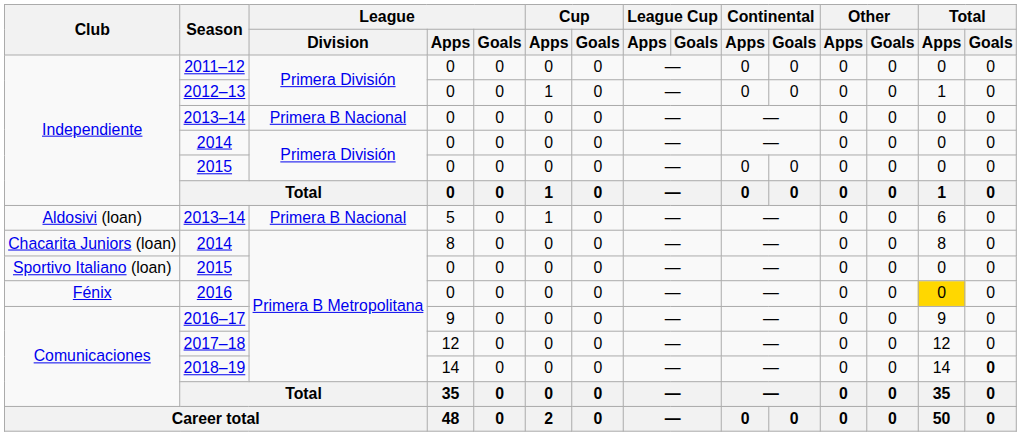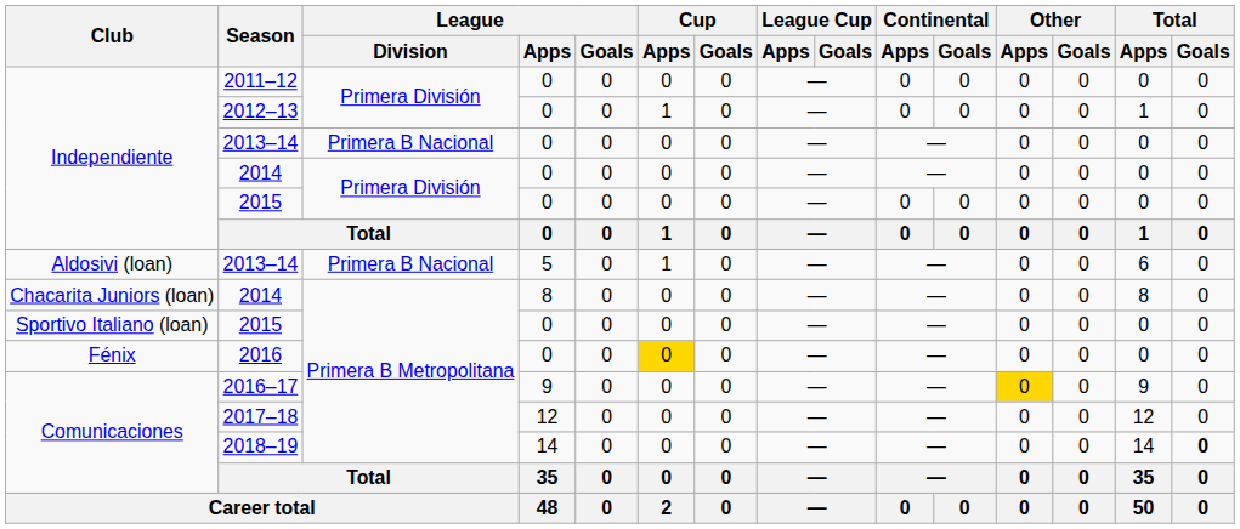 <table class="wikitable" style="text-align:center">
 <tr>
 <th rowspan="2">Club</th>
 <th rowspan="2">Season</th>
 <th colspan="3">League</th>
 <th colspan="2">Cup</th>
 <th colspan="2">League Cup</th>
 <th colspan="2">Continental</th>
 <th colspan="2">Other</th>
 <th colspan="2">Total</th>
 </tr>
 <tr>
 <th>Division</th>
 <th>Apps</th>
 <th>Goals</th>
 <th>Apps</th>
 <th>Goals</th>
 <th>Apps</th>
 <th>Goals</th>
 <th>Apps</th>
 <th>Goals</th>
 <th>Apps</th>
 <th>Goals</th>
 <th>Apps</th>
 <th>Goals</th>
 </tr>
 <tr>
 <td rowspan="6"><a href='#'>Independiente</a></td>
 <td><a href='#'>2011–12</a></td>
 <td rowspan="2"><a href='#'>Primera División</a></td>
 <td>0</td>
 <td>0</td>
 <td>0</td>
 <td>0</td>
 <td colspan="2">—</td>
 <td>0</td>
 <td>0</td>
 <td>0</td>
 <td>0</td>
 <td>0</td>
 <td>0</td>
 </tr>
 <tr>
 <td><a href='#'>2012–13</a></td>
 <td>0</td>
 <td>0</td>
 <td>1</td>
 <td>0</td>
 <td colspan="2">—</td>
 <td>0</td>
 <td>0</td>
 <td>0</td>
 <td>0</td>
 <td>1</td>
 <td>0</td>
 </tr>
 <tr>
 <td><a href='#'>2013–14</a></td>
 <td rowspan="1"><a href='#'>Primera B Nacional</a></td>
 <td>0</td>
 <td>0</td>
 <td>0</td>
 <td>0</td>
 <td colspan="2">—</td>
 <td colspan="2">—</td>
 <td>0</td>
 <td>0</td>
 <td>0</td>
 <td>0</td>
 </tr>
 <tr>
 <td><a href='#'>2014</a></td>
 <td rowspan="2"><a href='#'>Primera División</a></td>
 <td>0</td>
 <td>0</td>
 <td>0</td>
 <td>0</td>
 <td colspan="2">—</td>
 <td colspan="2">—</td>
 <td>0</td>
 <td>0</td>
 <td>0</td>
 <td>0</td>
 </tr>
 <tr>
 <td><a href='#'>2015</a></td>
 <td>0</td>
 <td>0</td>
 <td>0</td>
 <td>0</td>
 <td colspan="2">—</td>
 <td>0</td>
 <td>0</td>
 <td>0</td>
 <td>0</td>
 <td>0</td>
 <td>0</td>
 </tr>
 <tr>
 <th colspan="2">Total</th>
 <th>0</th>
 <th>0</th>
 <th>1</th>
 <th>0</th>
 <th colspan="2">—</th>
 <th>0</th>
 <th>0</th>
 <th>0</th>
 <th>0</th>
 <th>1</th>
 <th>0</th>
 </tr>
 <tr>
 <td rowspan="1"><a href='#'>Aldosivi</a> (loan)</td>
 <td><a href='#'>2013–14</a></td>
 <td rowspan="1"><a href='#'>Primera B Nacional</a></td>
 <td>5</td>
 <td>0</td>
 <td>1</td>
 <td>0</td>
 <td colspan="2">—</td>
 <td colspan="2">—</td>
 <td>0</td>
 <td>0</td>
 <td>6</td>
 <td>0</td>
 </tr>
 <tr>
 <td rowspan="1"><a href='#'>Chacarita Juniors</a> (loan)</td>
 <td><a href='#'>2014</a></td>
 <td rowspan="6"><a href='#'>Primera B Metropolitana</a></td>
 <td>8</td>
 <td>0</td>
 <td>0</td>
 <td>0</td>
 <td colspan="2">—</td>
 <td colspan="2">—</td>
 <td>0</td>
 <td>0</td>
 <td>8</td>
 <td>0</td>
 </tr>
 <tr>
 <td rowspan="1"><a href='#'>Sportivo Italiano</a> (loan)</td>
 <td><a href='#'>2015</a></td>
 <td>0</td>
 <td>0</td>
 <td>0</td>
 <td>0</td>
 <td colspan="2">—</td>
 <td colspan="2">—</td>
 <td>0</td>
 <td>0</td>
 <td>0</td>
 <td>0</td>
 </tr>
 <tr>
 <td rowspan="1"><a href='#'>Fénix</a></td>
 <td><a href='#'>2016</a></td>
 <td>0</td>
 <td>0</td>
-<td>0</td>
+<td style="background: gold;">0</td>
 <td>0</td>
 <td colspan="2">—</td>
 <td colspan="2">—</td>
 <td>0</td>
 <td>0</td>
-<td style="background: gold;">0</td>
+<td>0</td>
 <td>0</td>
 </tr>
 <tr>
 <td rowspan="4"><a href='#'>Comunicaciones</a></td>
 <td><a href='#'>2016–17</a></td>
 <td>9</td>
 <td>0</td>
 <td>0</td>
 <td>0</td>
 <td colspan="2">—</td>
 <td colspan="2">—</td>
-<td>0</td>
+<td style="background: gold;">0</td>
 <td>0</td>
 <td>9</td>
 <td>0</td>
 </tr>
 <tr>
 <td><a href='#'>2017–18</a></td>
 <td>12</td>
 <td>0</td>
 <td>0</td>
 <td>0</td>
 <td colspan="2">—</td>
 <td colspan="2">—</td>
 <td>0</td>
 <td>0</td>
 <td>12</td>
 <td>0</td>
 </tr>
 <tr>
 <td><a href='#'>2018–19</a></td>
 <td>14</td>
 <td>0</td>
 <td>0</td>
 <td>0</td>
 <td colspan="2">—</td>
 <td colspan="2">—</td>
 <td>0</td>
 <td>0</td>
 <td>14</td>
 <td><strong>0</strong></td>
 </tr>
 <tr>
 <th colspan="2">Total</th>
 <th>35</th>
 <th>0</th>
 <th>0</th>
 <th>0</th>
 <th colspan="2">—</th>
 <th colspan="2">—</th>
 <th>0</th>
 <th>0</th>
 <th>35</th>
 <th>0</th>
 </tr>
 <tr>
 <th colspan="3">Career total</th>
 <th>48</th>
 <th>0</th>
 <th>2</th>
 <th>0</th>
 <th colspan="2">—</th>
 <th>0</th>
 <th>0</th>
 <th>0</th>
 <th>0</th>
 <th>50</th>
 <th>0</th>
 </tr>
 </table>
